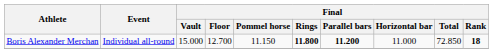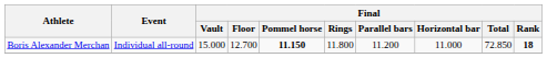 <table class="wikitable" style="font-size:90%">
 <tr>
 <th rowspan="2">Athlete</th>
 <th rowspan="2">Event</th>
 <th colspan = "8">Final</th>
 </tr>
 <tr>
 <th>Vault</th>
 <th>Floor</th>
 <th>Pommel horse</th>
 <th>Rings</th>
 <th>Parallel bars</th>
 <th>Horizontal bar</th>
 <th>Total</th>
 <th>Rank</th>
 </tr>
 <tr>
 <td><a href='#'>Boris Alexander Merchan</a></td>
 <td><a href='#'>Individual all-round</a></td>
 <td align=center>15.000</td>
 <td align=center>12.700</td>
-<td align=center>11.150</td>
-<td align=center><strong>11.800</strong></td>
-<td align=center><strong>11.200</strong></td>
+<td align=center><strong>11.150</strong></td>
+<td align=center>11.800</td>
+<td align=center>11.200</td>
 <td align=center>11.000</td>
 <td align=center>72.850</td>
 <td align=center><strong>18</strong></td>
 </tr>
 <tr>
 </tr>
 </table>
